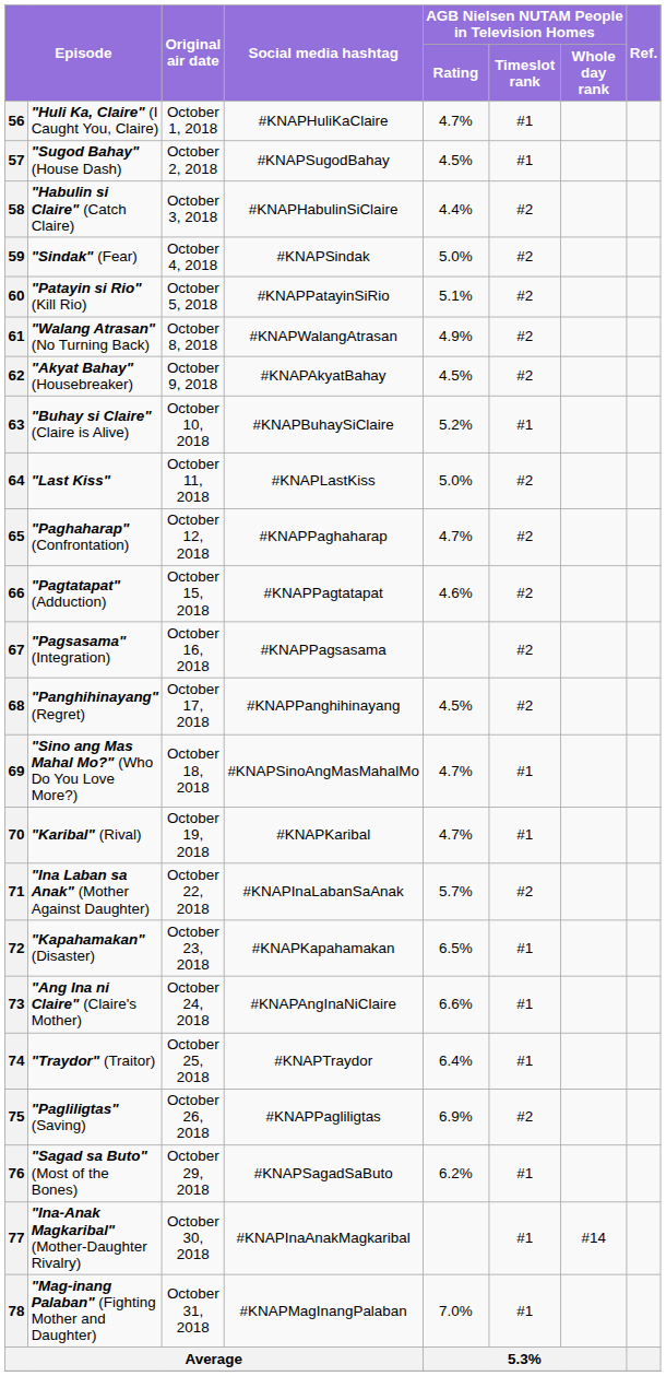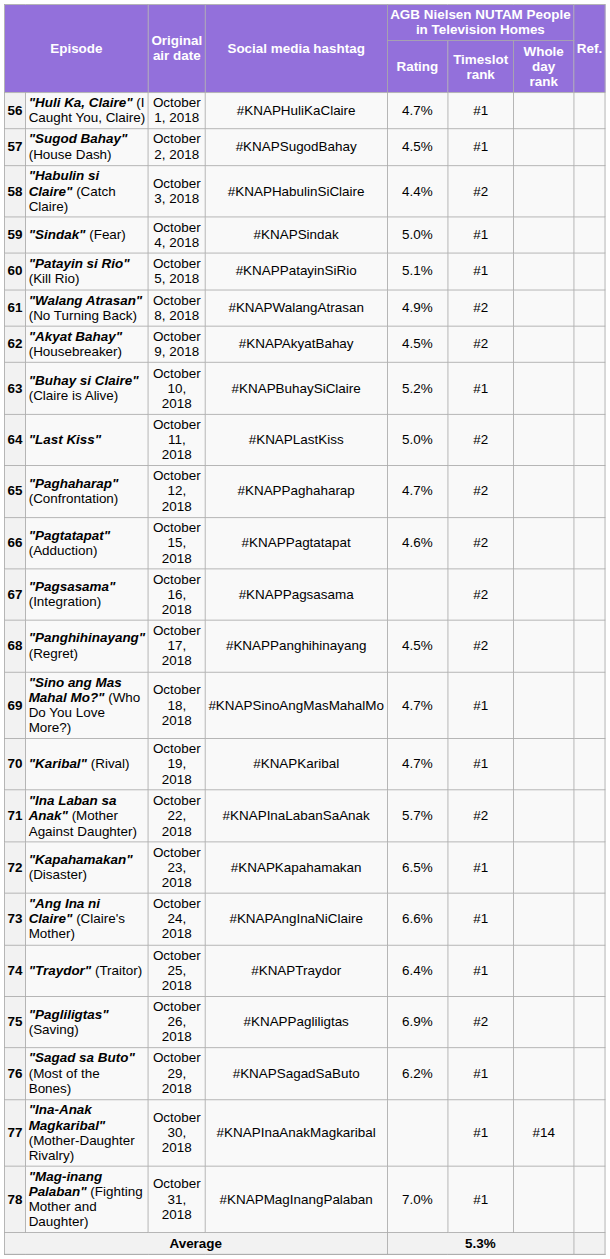 <table class="wikitable" style="text-align:center; font-size:100%; line-height:18px;" width="100%">
 <tr>
 <th style="background-color:#9370DB; color:#ffffff;" colspan="2" rowspan="2">Episode</th>
 <th style="background-color:#9370DB; color:white" rowspan="2">Original air date</th>
 <th style="background-color:#9370DB; color:white" rowspan="2">Social media hashtag</th>
 <th style="background-color:#9370DB; color:#ffffff;" colspan="3">AGB Nielsen NUTAM People in Television Homes</th>
 <th style="background-color:#9370DB;  color:#ffffff;" rowspan="2">Ref.</th>
 </tr>
 <tr>
 <th style="background-color:#9370DB; width:75px; color:#ffffff;">Rating</th>
 <th style="background-color:#9370DB;  width:75px; color:#ffffff;">Timeslot<br>rank</th>
 <th style="background-color:#9370DB; width:75px; color:#ffffff;">Whole day<br>rank</th>
 </tr>
 <tr>
 <th>56</th>
 <td style="text-align: left;"><strong><em>"Huli Ka, Claire"</em></strong> (I Caught You, Claire)</td>
 <td>October 1, 2018</td>
 <td>#KNAPHuliKaClaire</td>
 <td>4.7%</td>
 <td>#1</td>
 <td></td>
 <td></td>
 </tr>
 <tr>
 <th>57</th>
 <td style="text-align: left;"><strong><em>"Sugod Bahay"</em></strong> (House Dash)</td>
 <td>October 2, 2018</td>
 <td>#KNAPSugodBahay</td>
 <td>4.5%</td>
 <td>#1</td>
 <td></td>
 <td></td>
 </tr>
 <tr>
 <th>58</th>
 <td style="text-align: left;"><strong><em>"Habulin si Claire"</em></strong> (Catch Claire)</td>
 <td>October 3, 2018</td>
 <td>#KNAPHabulinSiClaire</td>
 <td>4.4%</td>
 <td>#2</td>
 <td></td>
 <td></td>
 </tr>
 <tr>
 <th>59</th>
 <td style="text-align: left;"><strong><em>"Sindak"</em></strong> (Fear)</td>
 <td>October 4, 2018</td>
 <td>#KNAPSindak</td>
 <td>5.0%</td>
-<td>#2</td>
+<td>#1</td>
 <td></td>
 <td></td>
 </tr>
 <tr>
 <th>60</th>
 <td style="text-align: left;"><strong><em>"Patayin si Rio"</em></strong> (Kill Rio)</td>
 <td>October 5, 2018</td>
 <td>#KNAPPatayinSiRio</td>
 <td>5.1%</td>
-<td>#2</td>
+<td>#1</td>
 <td></td>
 <td></td>
 </tr>
 <tr>
 <th>61</th>
 <td style="text-align: left;"><strong><em>"Walang Atrasan"</em></strong> (No Turning Back)</td>
 <td>October 8, 2018</td>
 <td>#KNAPWalangAtrasan</td>
 <td>4.9%</td>
 <td>#2</td>
 <td></td>
 <td></td>
 </tr>
 <tr>
 <th>62</th>
 <td style="text-align: left;"><strong><em>"Akyat Bahay"</em></strong> (Housebreaker)</td>
 <td>October 9, 2018</td>
 <td>#KNAPAkyatBahay</td>
 <td>4.5%</td>
 <td>#2</td>
 <td></td>
 <td></td>
 </tr>
 <tr>
 <th>63</th>
 <td style="text-align: left;"><strong><em>"Buhay si Claire"</em></strong> (Claire is Alive)</td>
 <td>October 10, 2018</td>
 <td>#KNAPBuhaySiClaire</td>
 <td>5.2%</td>
 <td>#1</td>
 <td></td>
 <td></td>
 </tr>
 <tr>
 <th>64</th>
 <td style="text-align: left;"><strong><em>"Last Kiss"</em></strong></td>
 <td>October 11, 2018</td>
 <td>#KNAPLastKiss</td>
 <td>5.0%</td>
 <td>#2</td>
 <td></td>
 <td></td>
 </tr>
 <tr>
 <th>65</th>
 <td style="text-align: left;"><strong><em>"Paghaharap"</em></strong> (Confrontation)</td>
 <td>October 12, 2018</td>
 <td>#KNAPPaghaharap</td>
 <td>4.7%</td>
 <td>#2</td>
 <td></td>
 <td></td>
 </tr>
 <tr>
 <th>66</th>
 <td style="text-align: left;"><strong><em>"Pagtatapat"</em></strong> (Adduction)</td>
 <td>October 15, 2018</td>
 <td>#KNAPPagtatapat</td>
 <td>4.6%</td>
 <td>#2</td>
 <td></td>
 <td></td>
 </tr>
 <tr>
 <th>67</th>
 <td style="text-align: left;"><strong><em>"Pagsasama"</em></strong> (Integration)</td>
 <td>October 16, 2018</td>
 <td>#KNAPPagsasama</td>
 <td></td>
 <td>#2</td>
 <td></td>
 <td></td>
 </tr>
 <tr>
 <th>68</th>
 <td style="text-align: left;"><strong><em>"Panghihinayang"</em></strong> (Regret)</td>
 <td>October 17, 2018</td>
 <td>#KNAPPanghihinayang</td>
 <td>4.5%</td>
 <td>#2</td>
 <td></td>
 <td></td>
 </tr>
 <tr>
 <th>69</th>
 <td style="text-align: left;"><strong><em>"Sino ang Mas Mahal Mo?"</em></strong> (Who Do You Love More?)</td>
 <td>October 18, 2018</td>
 <td>#KNAPSinoAngMasMahalMo</td>
 <td>4.7%</td>
 <td>#1</td>
 <td></td>
 <td></td>
 </tr>
 <tr>
 <th>70</th>
 <td style="text-align: left;"><strong><em>"Karibal"</em></strong> (Rival)</td>
 <td>October 19, 2018</td>
 <td>#KNAPKaribal</td>
 <td>4.7%</td>
 <td>#1</td>
 <td></td>
 <td></td>
 </tr>
 <tr>
 <th>71</th>
 <td style="text-align: left;"><strong><em>"Ina Laban sa Anak"</em></strong> (Mother Against Daughter)</td>
 <td>October 22, 2018</td>
 <td>#KNAPInaLabanSaAnak</td>
 <td>5.7%</td>
 <td>#2</td>
 <td></td>
 <td></td>
 </tr>
 <tr>
 <th>72</th>
 <td style="text-align: left;"><strong><em>"Kapahamakan"</em></strong> (Disaster)</td>
 <td>October 23, 2018</td>
 <td>#KNAPKapahamakan</td>
 <td>6.5%</td>
 <td>#1</td>
 <td></td>
 <td></td>
 </tr>
 <tr>
 <th>73</th>
 <td style="text-align: left;"><strong><em>"Ang Ina ni Claire"</em></strong> (Claire's Mother)</td>
 <td>October 24, 2018</td>
 <td>#KNAPAngInaNiClaire</td>
 <td>6.6%</td>
 <td>#1</td>
 <td></td>
 <td></td>
 </tr>
 <tr>
 <th>74</th>
 <td style="text-align: left;"><strong><em>"Traydor"</em></strong> (Traitor)</td>
 <td>October 25, 2018</td>
 <td>#KNAPTraydor</td>
 <td>6.4%</td>
 <td>#1</td>
 <td></td>
 <td></td>
 </tr>
 <tr>
 <th>75</th>
 <td style="text-align: left;"><strong><em>"Pagliligtas"</em></strong> (Saving)</td>
 <td>October 26, 2018</td>
 <td>#KNAPPagliligtas</td>
 <td>6.9%</td>
 <td>#2</td>
 <td></td>
 <td></td>
 </tr>
 <tr>
 <th>76</th>
 <td style="text-align: left;"><strong><em>"Sagad sa Buto"</em></strong> (Most of the Bones)</td>
 <td>October 29, 2018</td>
 <td>#KNAPSagadSaButo</td>
 <td>6.2%</td>
 <td>#1</td>
 <td></td>
 <td></td>
 </tr>
 <tr>
 <th>77</th>
 <td style="text-align: left;"><strong><em>"Ina-Anak Magkaribal"</em></strong> (Mother-Daughter Rivalry)</td>
 <td>October 30, 2018</td>
 <td>#KNAPInaAnakMagkaribal</td>
 <td></td>
 <td>#1</td>
 <td>#14</td>
 <td></td>
 </tr>
 <tr>
 <th>78</th>
 <td style="text-align: left;"><strong><em>"Mag-inang Palaban"</em></strong> (Fighting Mother and Daughter)</td>
 <td>October 31, 2018</td>
 <td>#KNAPMagInangPalaban</td>
 <td>7.0%</td>
 <td>#1</td>
 <td></td>
 <td></td>
 </tr>
 <tr>
 <th colspan="4">Average</th>
 <th colspan="3">5.3%</th>
 <th></th>
 </tr>
 <tr>
 </tr>
 </table>
